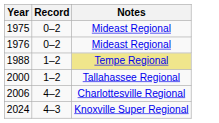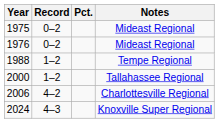 <table class="wikitable" style="text-align:center">
 <tr>
 <th>Year</th>
 <th>Record</th>
+<th>Pct.</th>
 <th>Notes</th>
 </tr>
 <tr>
 <td>1975</td>
 <td>0–2</td>
+<td></td>
 <td><a href='#'>Mideast Regional</a></td>
 </tr>
 <tr>
 <td>1976</td>
 <td>0–2</td>
+<td></td>
 <td><a href='#'>Mideast Regional</a></td>
 </tr>
 <tr>
 <td>1988</td>
 <td>1–2</td>
-<td style="background: khaki;"><a href='#'>Tempe Regional</a></td>
+<td></td>
+<td><a href='#'>Tempe Regional</a></td>
 </tr>
 <tr>
 <td>2000</td>
 <td>1–2</td>
+<td></td>
 <td><a href='#'>Tallahassee Regional</a></td>
 </tr>
 <tr>
 <td>2006</td>
 <td>4–2</td>
+<td></td>
 <td><a href='#'>Charlottesville Regional</a></td>
 </tr>
 <tr>
 <td>2024</td>
 <td>4–3</td>
+<td></td>
 <td><a href='#'>Knoxville Super Regional</a></td>
 </tr>
 </table>
